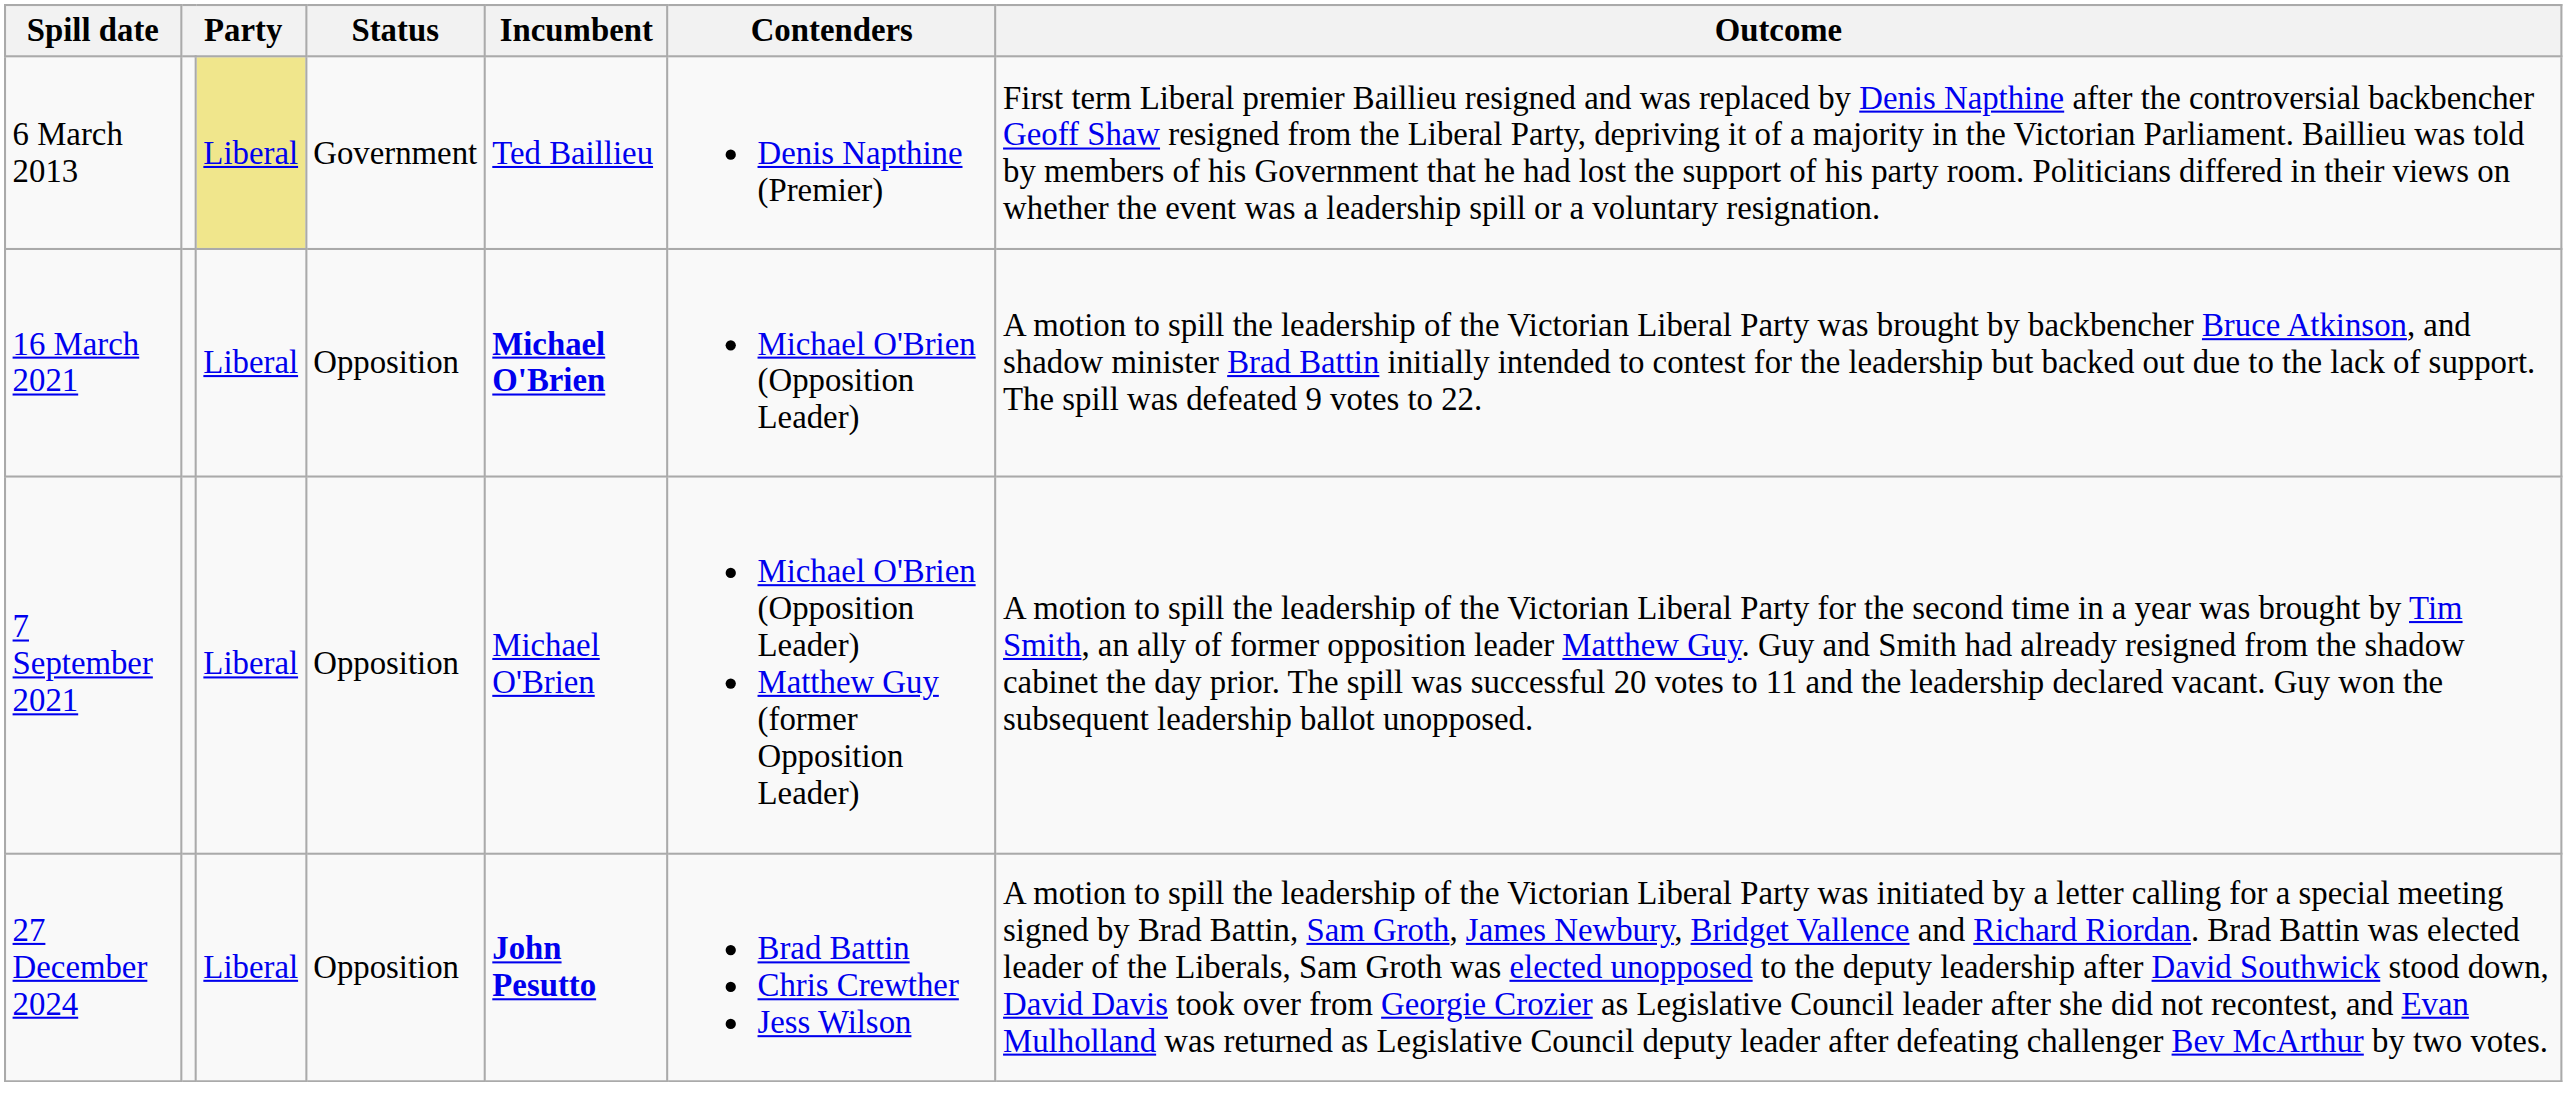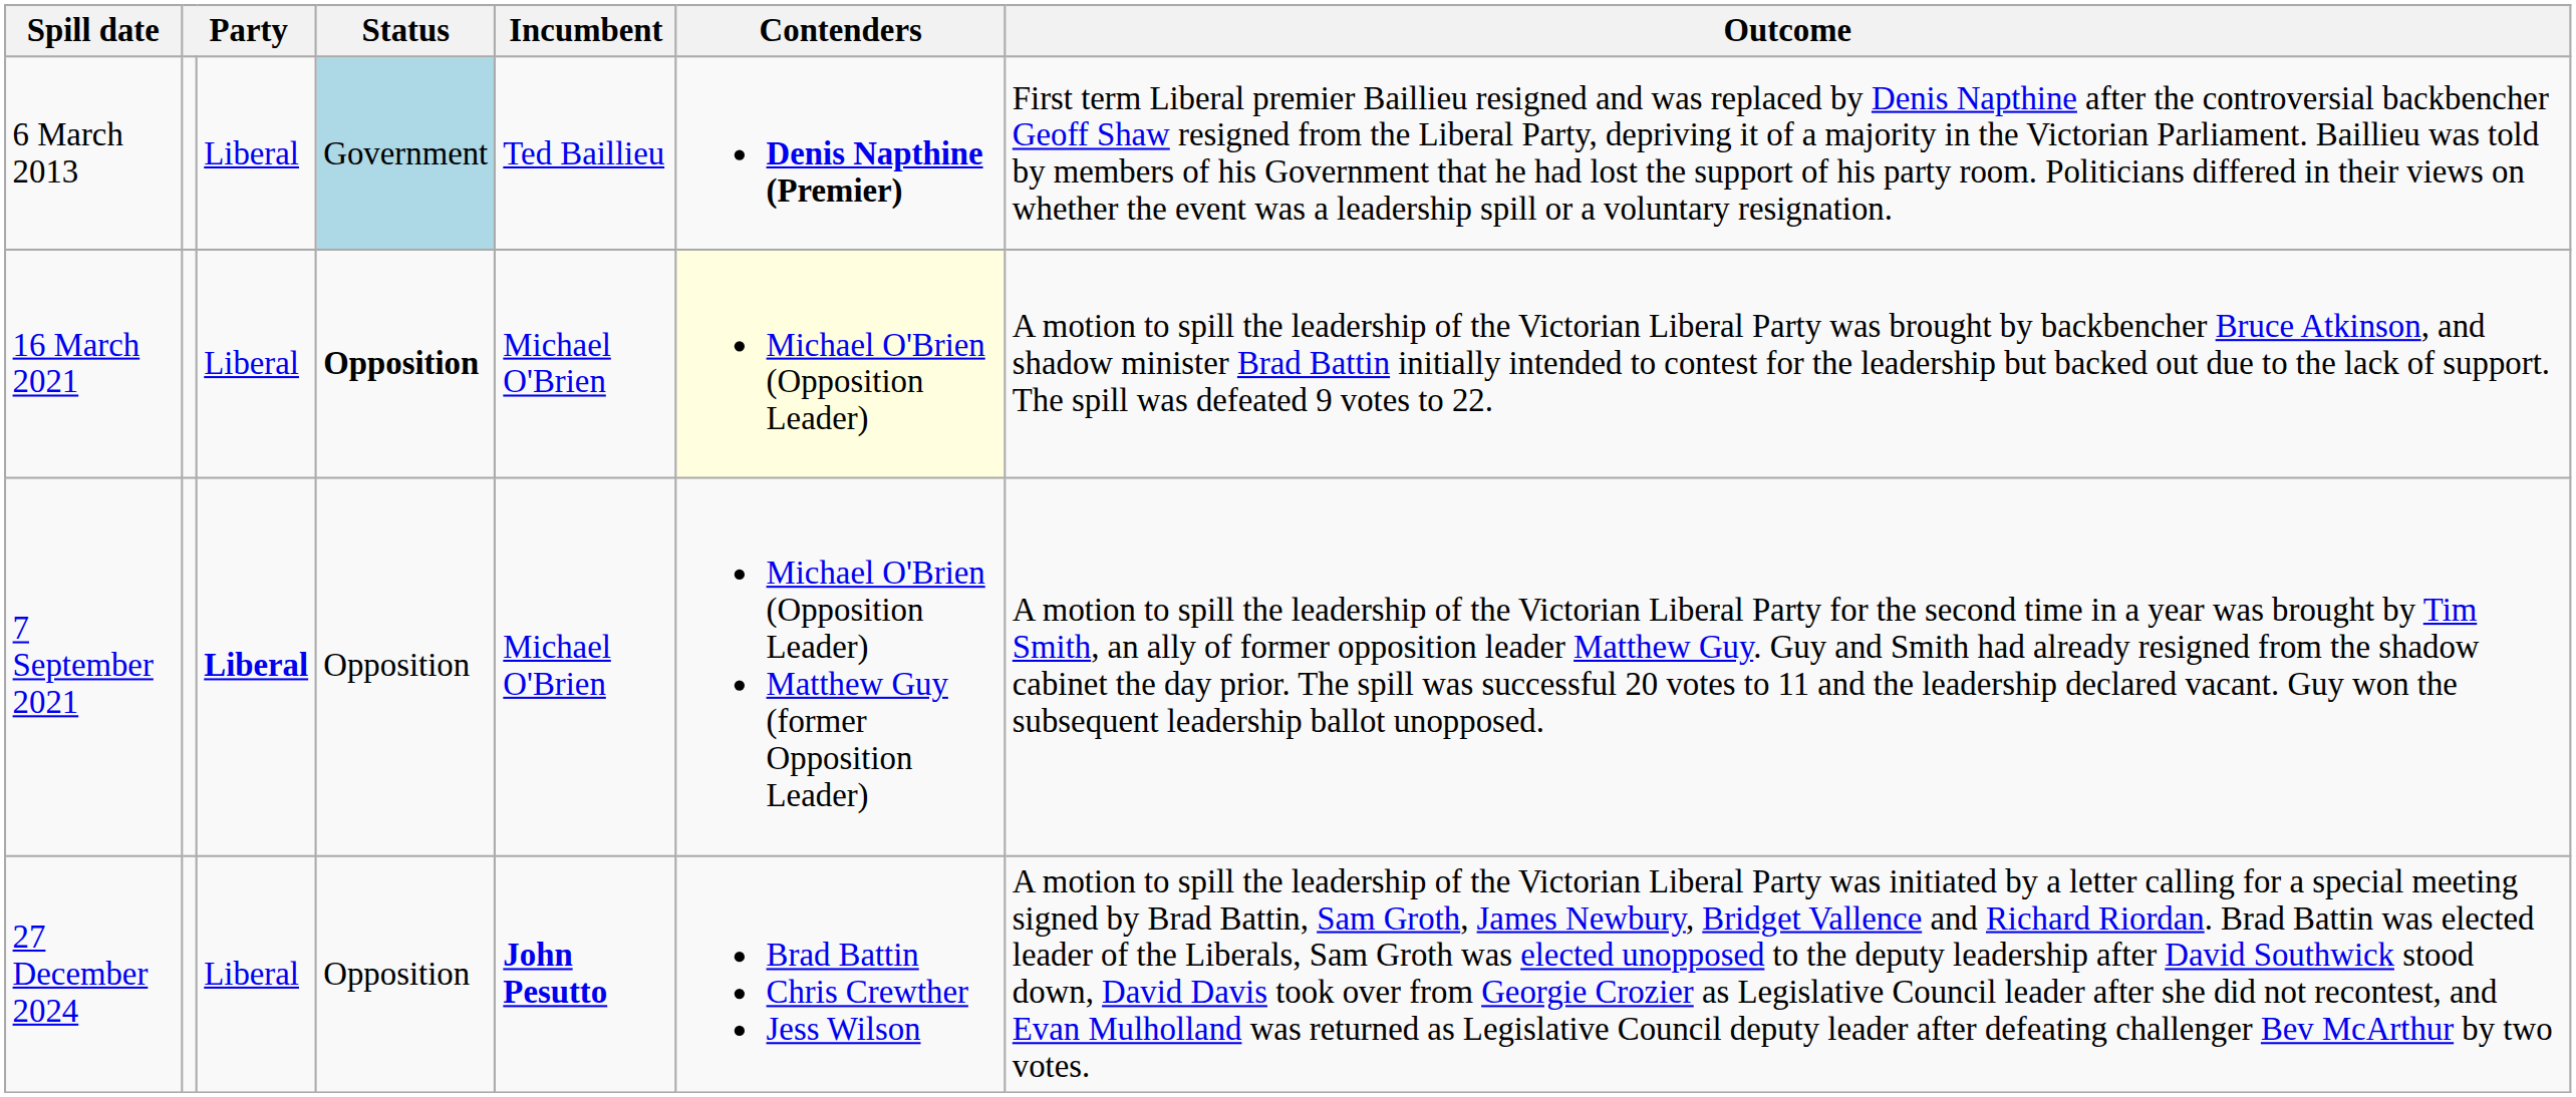 <table class="wikitable">
 <tr>
 <th>Spill date</th>
 <th colspan="2">Party</th>
 <th>Status</th>
 <th>Incumbent</th>
 <th>Contenders</th>
 <th>Outcome</th>
 </tr>
 <tr>
 <td>6 March 2013</td>
 <td></td>
-<td style="background: khaki;"><a href='#'>Liberal</a></td>
-<td>Government</td>
+<td><a href='#'>Liberal</a></td>
+<td style="background: lightblue;">Government</td>
 <td><a href='#'>Ted Baillieu</a></td>
-<td><br><ul><li><a href='#'>Denis Napthine</a> (Premier)</li></ul></td>
+<td><strong><br><ul><li><a href='#'>Denis Napthine</a> (Premier)</li></ul></strong></td>
 <td>First term Liberal premier Baillieu resigned and was replaced by <a href='#'>Denis Napthine</a> after the controversial backbencher <a href='#'>Geoff Shaw</a> resigned from the Liberal Party, depriving it of a majority in the Victorian Parliament. Baillieu was told by members of his Government that he had lost the support of his party room. Politicians differed in their views on whether the event was a leadership spill or a voluntary resignation.</td>
 </tr>
 <tr>
 <td><a href='#'>16 March 2021</a></td>
 <td></td>
 <td><a href='#'>Liberal</a></td>
-<td>Opposition</td>
-<td><strong><a href='#'>Michael O'Brien</a></strong></td>
-<td><br><ul><li><a href='#'>Michael O'Brien</a> (Opposition Leader)</li></ul></td>
+<td><strong>Opposition</strong></td>
+<td><a href='#'>Michael O'Brien</a></td>
+<td style="background: lightyellow;"><br><ul><li><a href='#'>Michael O'Brien</a> (Opposition Leader)</li></ul></td>
 <td>A motion to spill the leadership of the Victorian Liberal Party was brought by backbencher <a href='#'>Bruce Atkinson</a>, and shadow minister <a href='#'>Brad Battin</a> initially intended to contest for the leadership but backed out due to the lack of support. The spill was defeated 9 votes to 22.</td>
 </tr>
 <tr>
 <td><a href='#'>7 September 2021</a></td>
 <td></td>
-<td><a href='#'>Liberal</a></td>
+<td><strong><a href='#'>Liberal</a></strong></td>
 <td>Opposition</td>
 <td><a href='#'>Michael O'Brien</a></td>
 <td><br><ul><li><a href='#'>Michael O'Brien</a> (Opposition Leader)</li><li><a href='#'>Matthew Guy</a> (former Opposition Leader)</li></ul></td>
 <td>A motion to spill the leadership of the Victorian Liberal Party for the second time in a year was brought by <a href='#'>Tim Smith</a>, an ally of former opposition leader <a href='#'>Matthew Guy</a>. Guy and Smith had already resigned from the shadow cabinet the day prior. The spill was successful 20 votes to 11 and the leadership declared vacant. Guy won the subsequent leadership ballot unopposed.</td>
 </tr>
 <tr>
 <td><a href='#'>27 December 2024</a></td>
 <td></td>
 <td><a href='#'>Liberal</a></td>
 <td>Opposition</td>
 <td><strong><a href='#'>John Pesutto</a></strong></td>
 <td><br><ul><li><a href='#'>Brad Battin</a></li><li><a href='#'>Chris Crewther</a></li><li><a href='#'>Jess Wilson</a></li></ul></td>
 <td>A motion to spill the leadership of the Victorian Liberal Party was initiated by a letter calling for a special meeting signed by Brad Battin, <a href='#'>Sam Groth</a>, <a href='#'>James Newbury</a>, <a href='#'>Bridget Vallence</a> and <a href='#'>Richard Riordan</a>. Brad Battin was elected leader of the Liberals, Sam Groth was <a href='#'>elected unopposed</a> to the deputy leadership after <a href='#'>David Southwick</a> stood down, <a href='#'>David Davis</a> took over from <a href='#'>Georgie Crozier</a> as Legislative Council leader after she did not recontest, and <a href='#'>Evan Mulholland</a> was returned as Legislative Council deputy leader after defeating challenger <a href='#'>Bev McArthur</a> by two votes.</td>
 </tr>
 </table>
